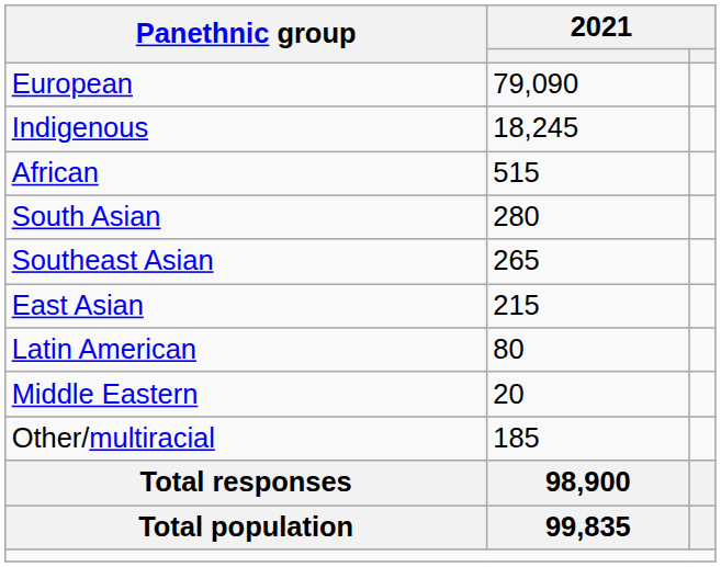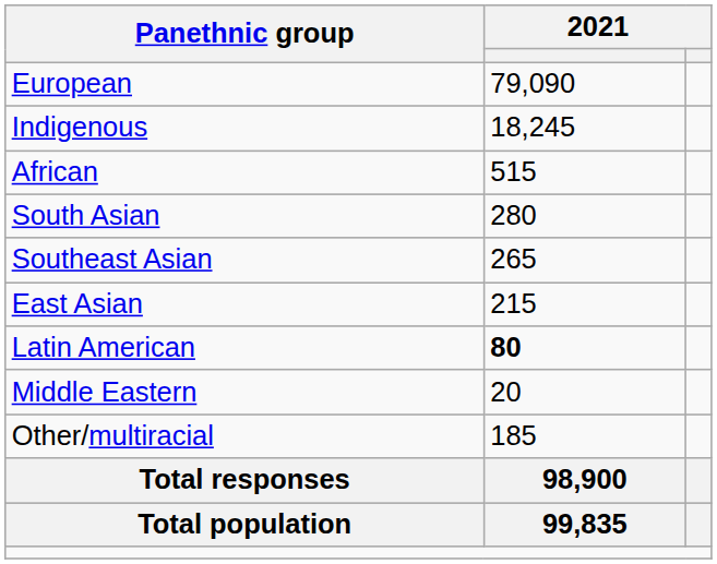 <table class="wikitable collapsible sortable">
 <tr>
 <th rowspan="2"><a href='#'>Panethnic</a> group</th>
 <th colspan="2">2021</th>
 </tr>
 <tr>
 <th><a href='#'></a></th>
 <th></th>
 </tr>
 <tr>
 <td><a href='#'>European</a></td>
 <td>79,090</td>
 <td></td>
 </tr>
 <tr>
 <td><a href='#'>Indigenous</a></td>
 <td>18,245</td>
 <td></td>
 </tr>
 <tr>
 <td><a href='#'>African</a></td>
 <td>515</td>
 <td></td>
 </tr>
 <tr>
 <td><a href='#'>South Asian</a></td>
 <td>280</td>
 <td></td>
 </tr>
 <tr>
 <td><a href='#'>Southeast Asian</a></td>
 <td>265</td>
 <td></td>
 </tr>
 <tr>
 <td><a href='#'>East Asian</a></td>
 <td>215</td>
 <td></td>
 </tr>
 <tr>
 <td><a href='#'>Latin American</a></td>
-<td>80</td>
+<td><strong>80</strong></td>
 <td></td>
 </tr>
 <tr>
 <td><a href='#'>Middle Eastern</a></td>
 <td>20</td>
 <td></td>
 </tr>
 <tr>
 <td>Other/<a href='#'>multiracial</a></td>
 <td>185</td>
 <td></td>
 </tr>
 <tr>
 <th>Total responses</th>
 <th>98,900</th>
 <th></th>
 </tr>
 <tr class="sortbottom">
 <th>Total population</th>
 <th>99,835</th>
 <th></th>
 </tr>
 <tr class="sortbottom">
 <td colspan="15" style="width: 25em;"></td>
 </tr>
 </table>
